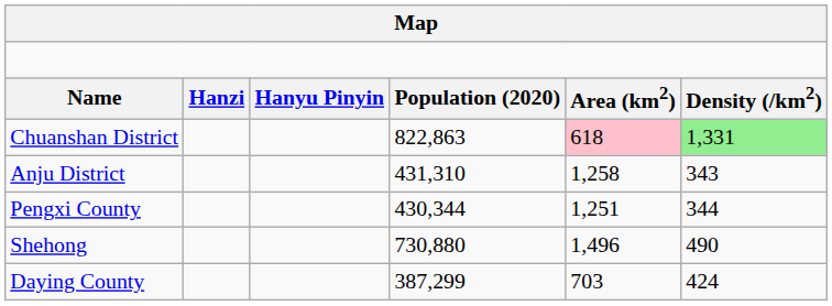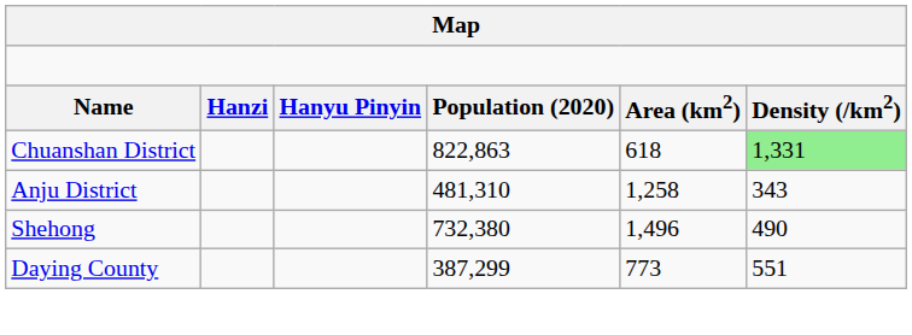 <table class="wikitable"  style="font-size:90%;" align=center>
 <tr>
 <th colspan="6" align="center">Map</th>
 </tr>
 <tr>
 <td colspan="6" align="center"><div><br>        </div></td>
 </tr>
 <tr>
 <th>Name</th>
 <th><a href='#'>Hanzi</a></th>
 <th><a href='#'>Hanyu Pinyin</a></th>
 <th>Population (2020)</th>
 <th>Area (km<sup>2</sup>)</th>
 <th>Density (/km<sup>2</sup>)</th>
 </tr>
 <tr --------->
 <td><a href='#'>Chuanshan District</a></td>
 <td></td>
 <td></td>
 <td>822,863</td>
-<td style="background: pink;">618</td>
+<td>618</td>
 <td style="background: lightgreen;">1,331</td>
 </tr>
 <tr --------->
 <td><a href='#'>Anju District</a></td>
 <td></td>
 <td></td>
-<td>431,310</td>
+<td>481,310</td>
 <td>1,258</td>
 <td>343</td>
-</tr>
-<tr --------->
-<td><a href='#'>Pengxi County</a></td>
-<td></td>
-<td></td>
-<td>430,344</td>
-<td>1,251</td>
-<td>344</td>
 </tr>
 <tr --------->
 <td><a href='#'>Shehong</a></td>
 <td></td>
 <td></td>
-<td>730,880</td>
+<td>732,380</td>
 <td>1,496</td>
 <td>490</td>
 </tr>
 <tr --------->
 <td><a href='#'>Daying County</a></td>
 <td></td>
 <td></td>
 <td>387,299</td>
-<td>703</td>
-<td>424</td>
+<td>773</td>
+<td>551</td>
 </tr>
 </table>
